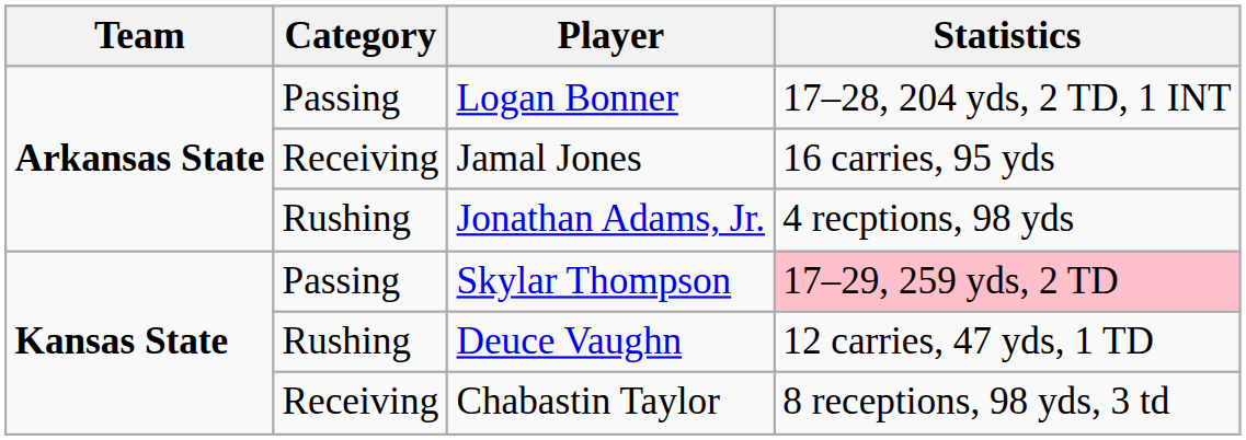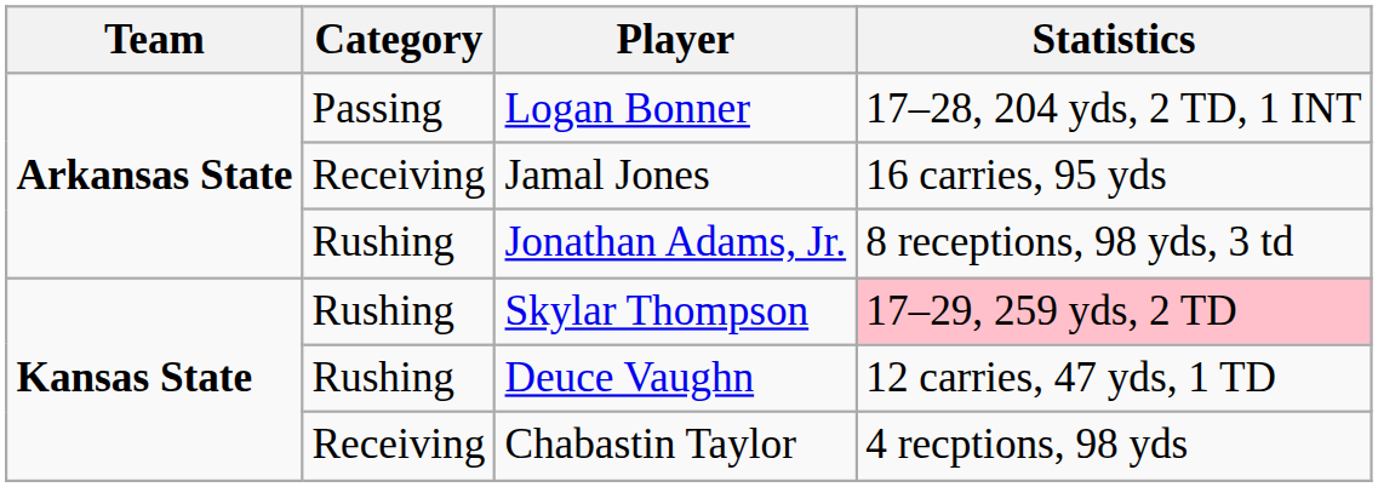 <table class="wikitable" style="float: right;">
 <tr>
 <th>Team</th>
 <th>Category</th>
 <th>Player</th>
 <th>Statistics</th>
 </tr>
 <tr>
 <td rowspan=3><strong>Arkansas State</strong></td>
 <td>Passing</td>
 <td><a href='#'>Logan Bonner</a></td>
 <td>17–28, 204 yds, 2 TD, 1 INT</td>
 </tr>
 <tr>
 <td>Receiving</td>
 <td>Jamal Jones</td>
 <td>16 carries, 95 yds</td>
 </tr>
 <tr>
 <td>Rushing</td>
 <td><a href='#'>Jonathan Adams, Jr.</a></td>
-<td>4 recptions, 98 yds</td>
+<td>8 receptions, 98 yds, 3 td</td>
 </tr>
 <tr>
 <td rowspan=3><strong>Kansas State</strong></td>
-<td>Passing</td>
+<td>Rushing</td>
 <td><a href='#'>Skylar Thompson</a></td>
 <td style="background: pink;">17–29, 259 yds, 2 TD</td>
 </tr>
 <tr>
 <td>Rushing</td>
 <td><a href='#'>Deuce Vaughn</a></td>
 <td>12 carries, 47 yds, 1 TD</td>
 </tr>
 <tr>
 <td>Receiving</td>
 <td>Chabastin Taylor</td>
-<td>8 receptions, 98 yds, 3 td</td>
+<td>4 recptions, 98 yds</td>
 </tr>
 </table>
